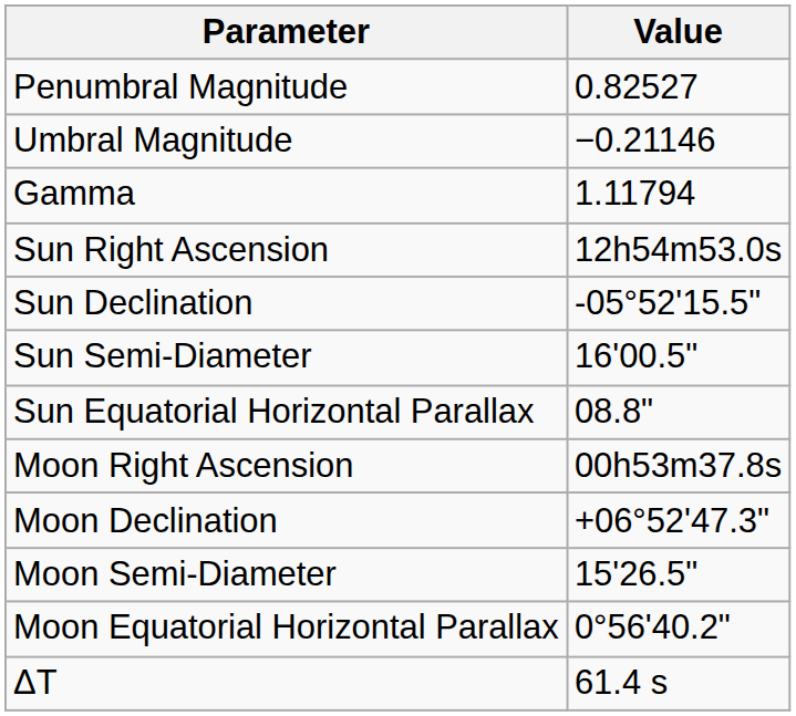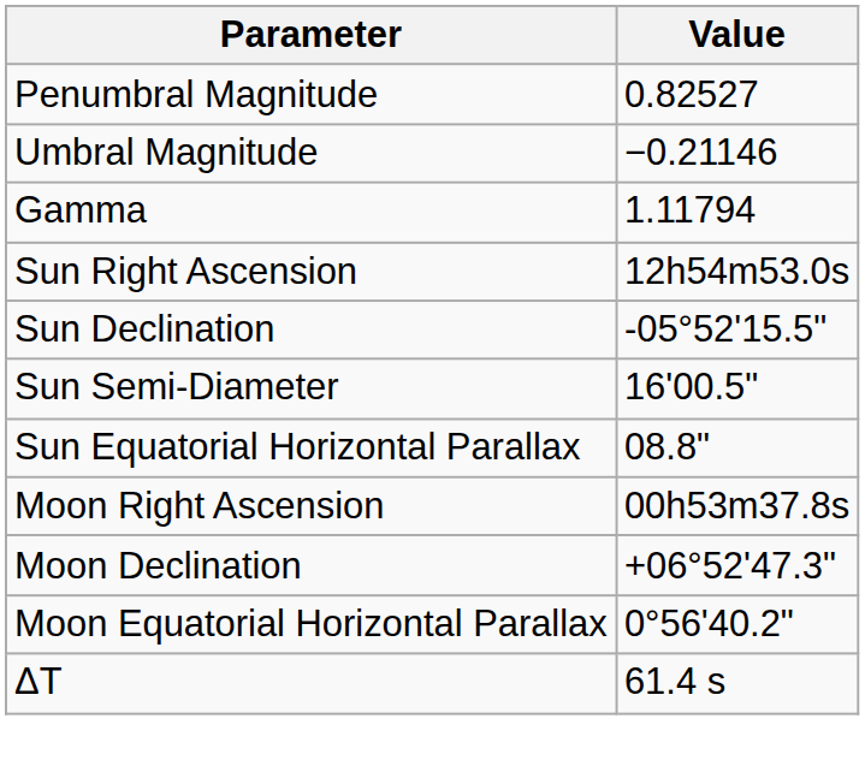 <table class="wikitable">
 <tr>
 <th>Parameter</th>
 <th>Value</th>
 </tr>
 <tr>
 <td>Penumbral Magnitude</td>
 <td>0.82527</td>
 </tr>
 <tr>
 <td>Umbral Magnitude</td>
 <td>−0.21146</td>
 </tr>
 <tr>
 <td>Gamma</td>
 <td>1.11794</td>
 </tr>
 <tr>
 <td>Sun Right Ascension</td>
 <td>12h54m53.0s</td>
 </tr>
 <tr>
 <td>Sun Declination</td>
 <td>-05°52'15.5"</td>
 </tr>
 <tr>
 <td>Sun Semi-Diameter</td>
 <td>16'00.5"</td>
 </tr>
 <tr>
 <td>Sun Equatorial Horizontal Parallax</td>
 <td>08.8"</td>
 </tr>
 <tr>
 <td>Moon Right Ascension</td>
 <td>00h53m37.8s</td>
 </tr>
 <tr>
 <td>Moon Declination</td>
 <td>+06°52'47.3"</td>
 </tr>
 <tr>
-<td>Moon Semi-Diameter</td>
-<td>15'26.5"</td>
-</tr>
-<tr>
 <td>Moon Equatorial Horizontal Parallax</td>
 <td>0°56'40.2"</td>
 </tr>
 <tr>
 <td>ΔT</td>
 <td>61.4 s</td>
 </tr>
 </table>
